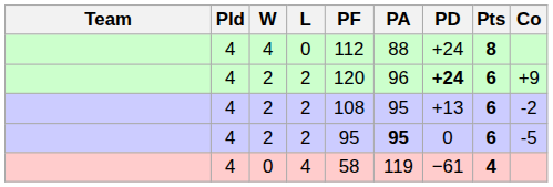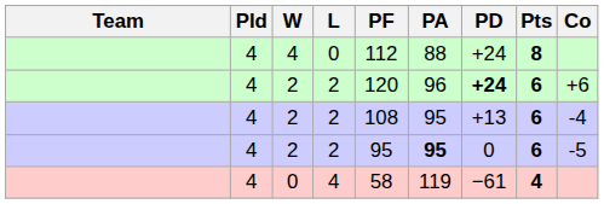 <table class=wikitable style="text-align:center">
 <tr>
 <th width=170>Team</th>
 <th width=25>Pld</th>
 <th width=25>W</th>
 <th width=25>L</th>
 <th width=35>PF</th>
 <th width=35>PA</th>
 <th width=35>PD</th>
 <th width=25>Pts</th>
 <th width=25>Co</th>
 </tr>
 <tr bgcolor=ccffcc>
 <td style="text-align:left"></td>
 <td>4</td>
 <td>4</td>
 <td>0</td>
 <td>112</td>
 <td>88</td>
 <td>+24</td>
 <td><strong>8</strong></td>
 <td></td>
 </tr>
 <tr bgcolor=ccffcc>
 <td style="text-align:left"></td>
 <td>4</td>
 <td>2</td>
 <td>2</td>
 <td>120</td>
 <td>96</td>
 <td><strong>+24</strong></td>
 <td><strong>6</strong></td>
-<td>+9</td>
+<td>+6</td>
 </tr>
 <tr bgcolor=ccccff>
 <td style="text-align:left"></td>
 <td>4</td>
 <td>2</td>
 <td>2</td>
 <td>108</td>
 <td>95</td>
 <td>+13</td>
 <td><strong>6</strong></td>
-<td>-2</td>
+<td>-4</td>
 </tr>
 <tr bgcolor=ccccff>
 <td style="text-align:left"></td>
 <td>4</td>
 <td>2</td>
 <td>2</td>
 <td>95</td>
 <td><strong>95</strong></td>
 <td>0</td>
 <td><strong>6</strong></td>
 <td>-5</td>
 </tr>
 <tr bgcolor=ffcccc>
 <td style="text-align:left"></td>
 <td>4</td>
 <td>0</td>
 <td>4</td>
 <td>58</td>
 <td>119</td>
 <td>−61</td>
 <td><strong>4</strong></td>
 <td></td>
 </tr>
 </table>
